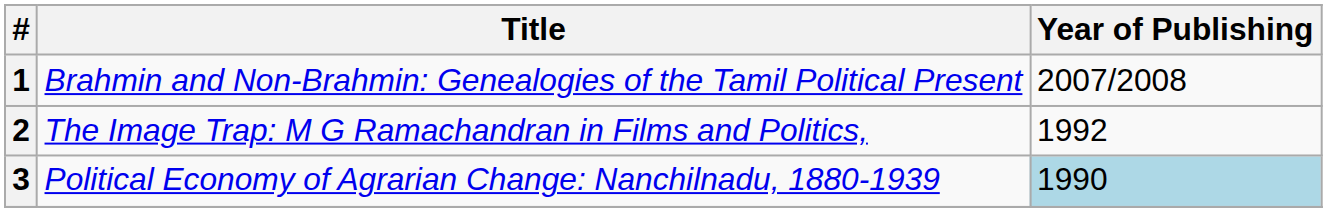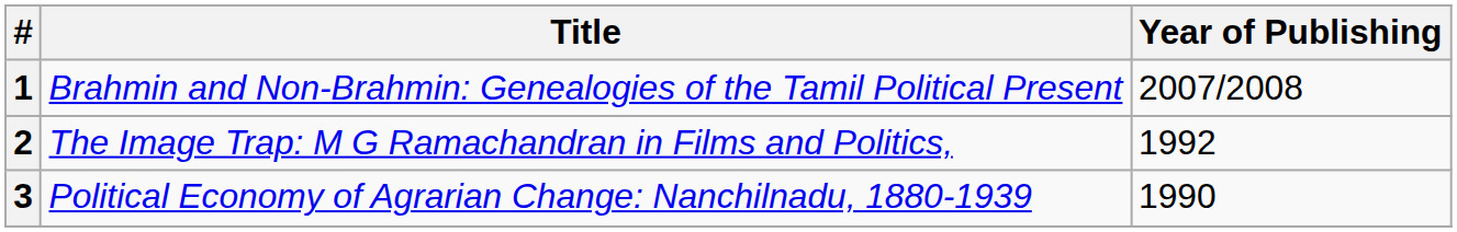 <table class="wikitable">
 <tr>
 <th>#</th>
 <th>Title</th>
 <th>Year of Publishing</th>
 </tr>
 <tr>
 <th>1</th>
 <td><em><a href='#'>Brahmin and Non-Brahmin: Genealogies of the Tamil Political Present</a></em></td>
 <td>2007/2008</td>
 </tr>
 <tr>
 <th>2</th>
 <td><em><a href='#'>The Image Trap: M G Ramachandran in Films and Politics,</a></em></td>
 <td>1992</td>
 </tr>
 <tr>
 <th>3</th>
 <td><em><a href='#'>Political Economy of Agrarian Change: Nanchilnadu, 1880-1939</a></em></td>
-<td style="background: lightblue;">1990</td>
+<td>1990</td>
 </tr>
 <tr>
 </tr>
 </table>
